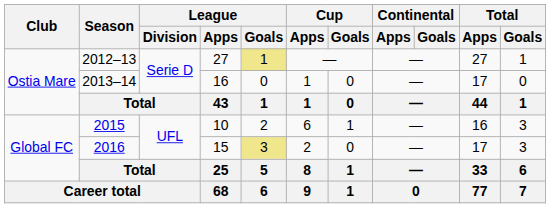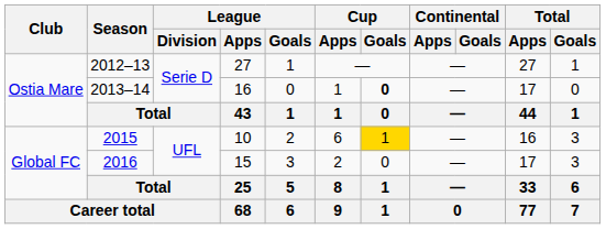 <table class="wikitable" style="text-align:center;">
 <tr>
 <th rowspan="2">Club</th>
 <th rowspan="2">Season</th>
 <th colspan="3">League</th>
 <th colspan="2">Cup</th>
 <th colspan="2">Continental</th>
 <th colspan="2">Total</th>
 </tr>
 <tr>
 <th>Division</th>
 <th>Apps</th>
 <th>Goals</th>
 <th>Apps</th>
 <th>Goals</th>
 <th>Apps</th>
 <th>Goals</th>
 <th>Apps</th>
 <th>Goals</th>
 </tr>
 <tr>
 <td rowspan="3" style="text-align:center;"><a href='#'>Ostia Mare</a></td>
 <td>2012–13</td>
 <td rowspan="2"><a href='#'>Serie D</a></td>
 <td>27</td>
-<td style="background: khaki;">1</td>
+<td>1</td>
 <td colspan="2">—</td>
 <td colspan="2">—</td>
 <td>27</td>
 <td>1</td>
 </tr>
 <tr>
 <td>2013–14</td>
 <td>16</td>
 <td>0</td>
 <td>1</td>
-<td>0</td>
+<td><strong>0</strong></td>
 <td colspan="2">—</td>
 <td>17</td>
 <td>0</td>
 </tr>
 <tr>
 <th colspan="2">Total</th>
 <th>43</th>
 <th>1</th>
 <th>1</th>
 <th>0</th>
 <th colspan="2">—</th>
 <th>44</th>
 <th>1</th>
 </tr>
 <tr>
 <td rowspan="3" style="text-align:center;"><a href='#'>Global FC</a></td>
 <td><a href='#'>2015</a></td>
 <td rowspan="2"><a href='#'>UFL</a></td>
 <td>10</td>
 <td>2</td>
 <td>6</td>
-<td>1</td>
+<td style="background: gold;">1</td>
 <td colspan="2">—</td>
 <td>16</td>
 <td>3</td>
 </tr>
 <tr>
 <td><a href='#'>2016</a></td>
 <td>15</td>
-<td style="background: khaki;">3</td>
+<td>3</td>
 <td>2</td>
 <td>0</td>
 <td colspan="2">—</td>
 <td>17</td>
 <td>3</td>
 </tr>
 <tr>
 <th colspan="2">Total</th>
 <th>25</th>
 <th>5</th>
 <th>8</th>
 <th>1</th>
 <th colspan="2">—</th>
 <th>33</th>
 <th>6</th>
 </tr>
 <tr>
 <th colspan="3">Career total</th>
 <th>68</th>
 <th>6</th>
 <th>9</th>
 <th>1</th>
 <th colspan="2">0</th>
 <th>77</th>
 <th>7</th>
 </tr>
 </table>
